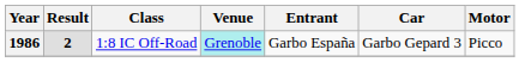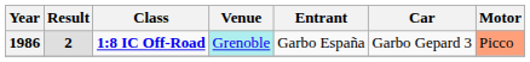 <table class="wikitable" style="font-size: 90%">
 <tr>
 <th>Year</th>
 <th>Result</th>
 <th>Class</th>
 <th>Venue</th>
 <th>Entrant</th>
 <th>Car</th>
 <th>Motor</th>
 </tr>
 <tr>
 <th>1986</th>
 <td align=center style="background:#DFDFDF;"><strong>2</strong></td>
-<td><a href='#'>1:8 IC Off-Road</a></td>
+<td><strong><a href='#'>1:8 IC Off-Road</a></strong></td>
 <td style="background: paleturquoise;"><a href='#'>Grenoble</a></td>
 <td>Garbo España</td>
 <td>Garbo Gepard 3</td>
-<td>Picco</td>
+<td style="background: lightsalmon;">Picco</td>
 </tr>
 <tr>
 </tr>
 </table>
